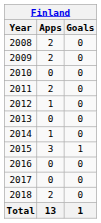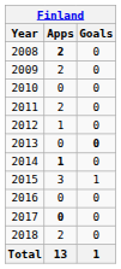 <table class=wikitable style=text-align:center>
 <tr>
 <th colspan=4><a href='#'>Finland</a></th>
 </tr>
 <tr>
 <th>Year</th>
 <th>Apps</th>
 <th>Goals</th>
 </tr>
 <tr>
 <td>2008</td>
-<td>2</td>
+<td><strong>2</strong></td>
 <td>0</td>
 </tr>
 <tr>
 <td>2009</td>
 <td>2</td>
 <td>0</td>
 </tr>
 <tr>
 <td>2010</td>
 <td>0</td>
 <td>0</td>
 </tr>
 <tr>
 <td>2011</td>
 <td>2</td>
 <td>0</td>
 </tr>
 <tr>
 <td>2012</td>
 <td>1</td>
 <td>0</td>
 </tr>
 <tr>
 <td>2013</td>
 <td>0</td>
-<td>0</td>
+<td><strong>0</strong></td>
 </tr>
 <tr>
 <td>2014</td>
-<td>1</td>
+<td><strong>1</strong></td>
 <td>0</td>
 </tr>
 <tr>
 <td>2015</td>
 <td>3</td>
 <td>1</td>
 </tr>
 <tr>
 <td>2016</td>
 <td>0</td>
 <td>0</td>
 </tr>
 <tr>
 <td>2017</td>
-<td>0</td>
+<td><strong>0</strong></td>
 <td>0</td>
 </tr>
 <tr>
 <td>2018</td>
 <td>2</td>
 <td>0</td>
 </tr>
 <tr>
 <th colspan=1>Total</th>
 <th>13</th>
 <th>1</th>
 </tr>
 </table>
